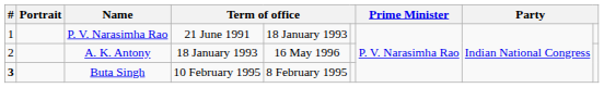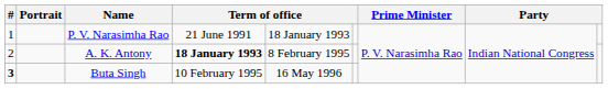 <table class="wikitable" style="text-align:center">
 <tr>
 <th>#</th>
 <th>Portrait</th>
 <th>Name</th>
 <th colspan="3">Term of office</th>
 <th><a href='#'>Prime Minister</a></th>
 <th colspan="2">Party</th>
 </tr>
 <tr>
 <td>1</td>
 <td></td>
 <td><a href='#'>P. V. Narasimha Rao</a></td>
 <td>21 June 1991</td>
 <td>18 January 1993</td>
 <td></td>
 <td rowspan="3"><a href='#'>P. V. Narasimha Rao</a></td>
 <td rowspan="3"><a href='#'>Indian National Congress</a></td>
 <td></td>
 </tr>
 <tr>
 <td>2</td>
 <td></td>
 <td><a href='#'>A. K. Antony</a></td>
-<td>18 January 1993</td>
-<td>16 May 1996</td>
+<td><strong>18 January 1993</strong></td>
+<td>8 February 1995</td>
 <td></td>
 </tr>
 <tr>
 <td><strong>3</strong></td>
 <td></td>
 <td><a href='#'>Buta Singh</a></td>
 <td>10 February 1995</td>
-<td>8 February 1995</td>
+<td>16 May 1996</td>
 <td></td>
 </tr>
 </table>
